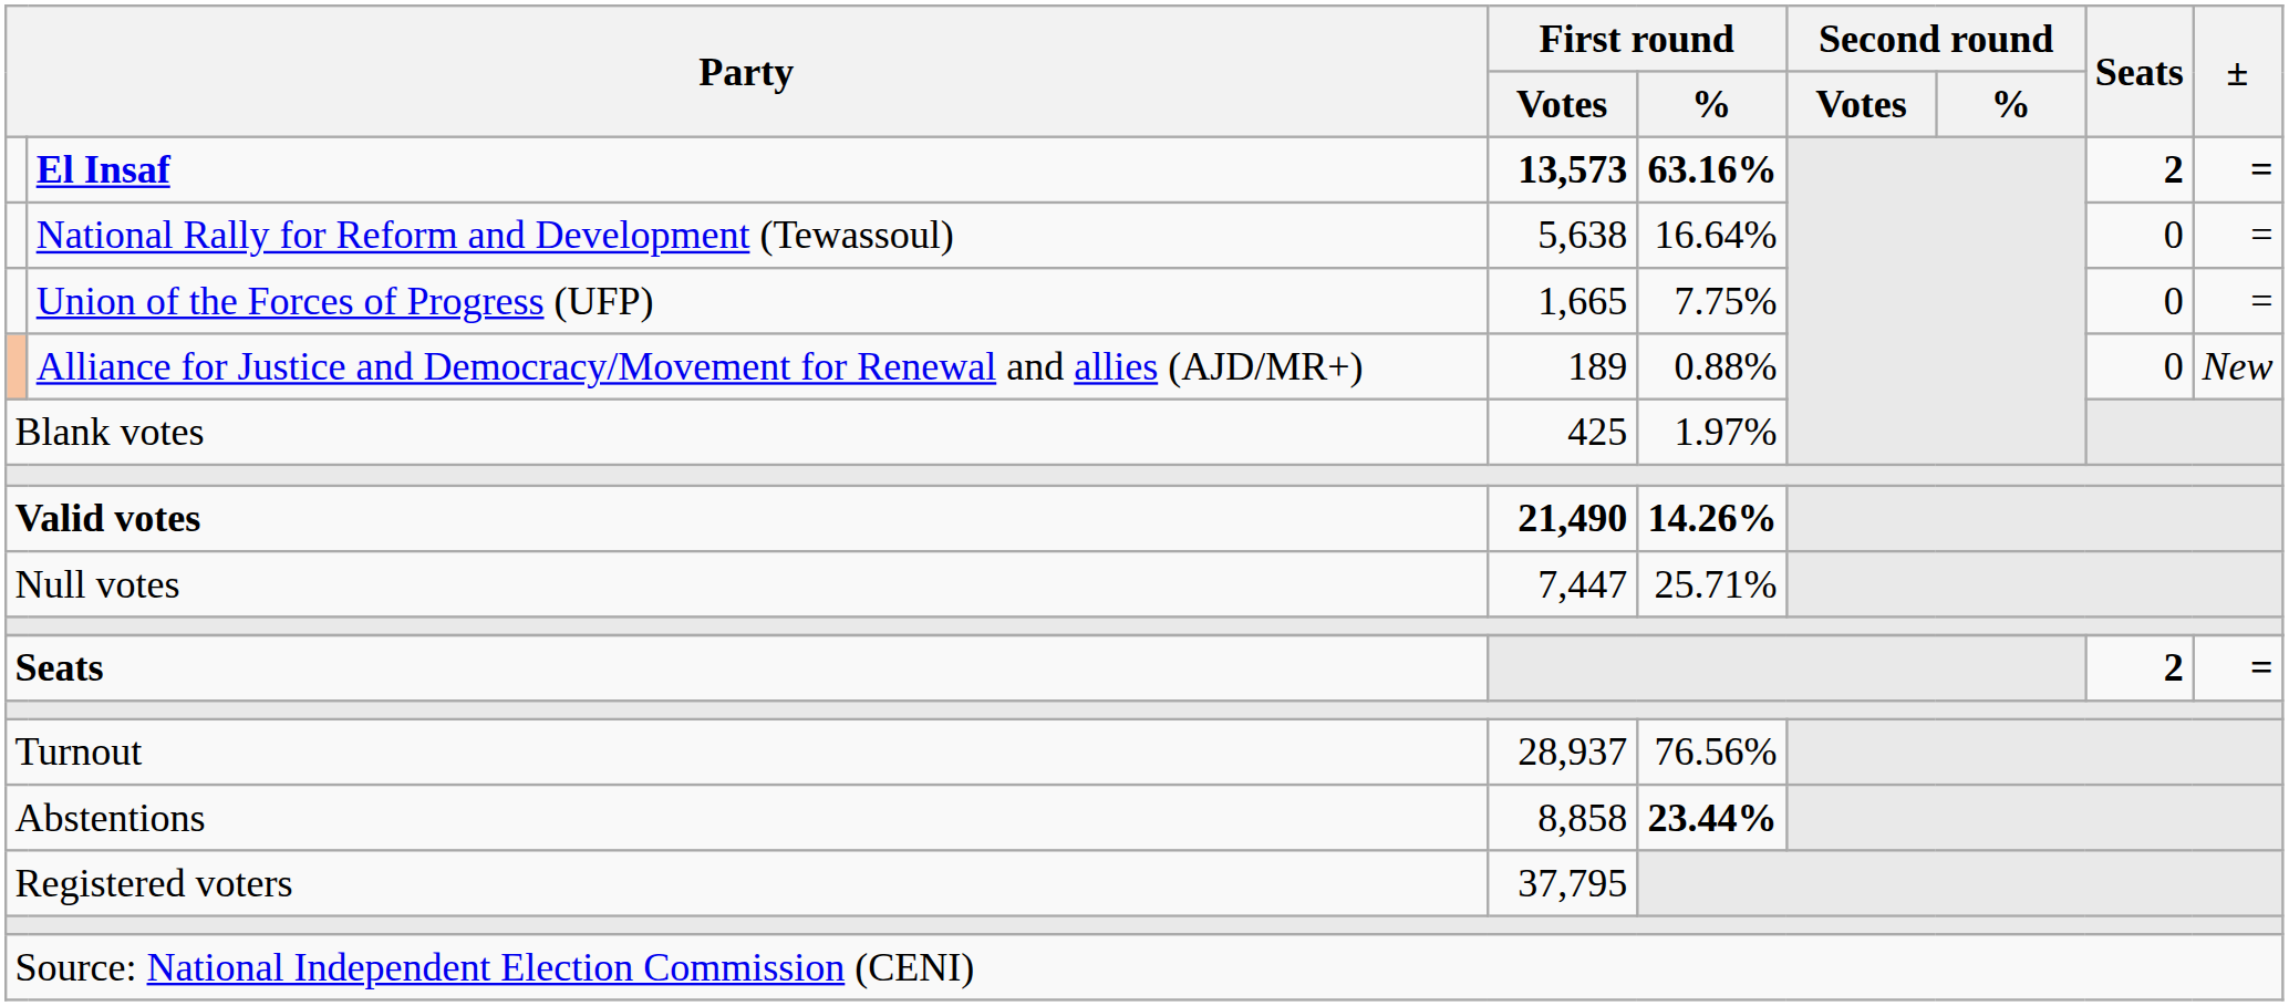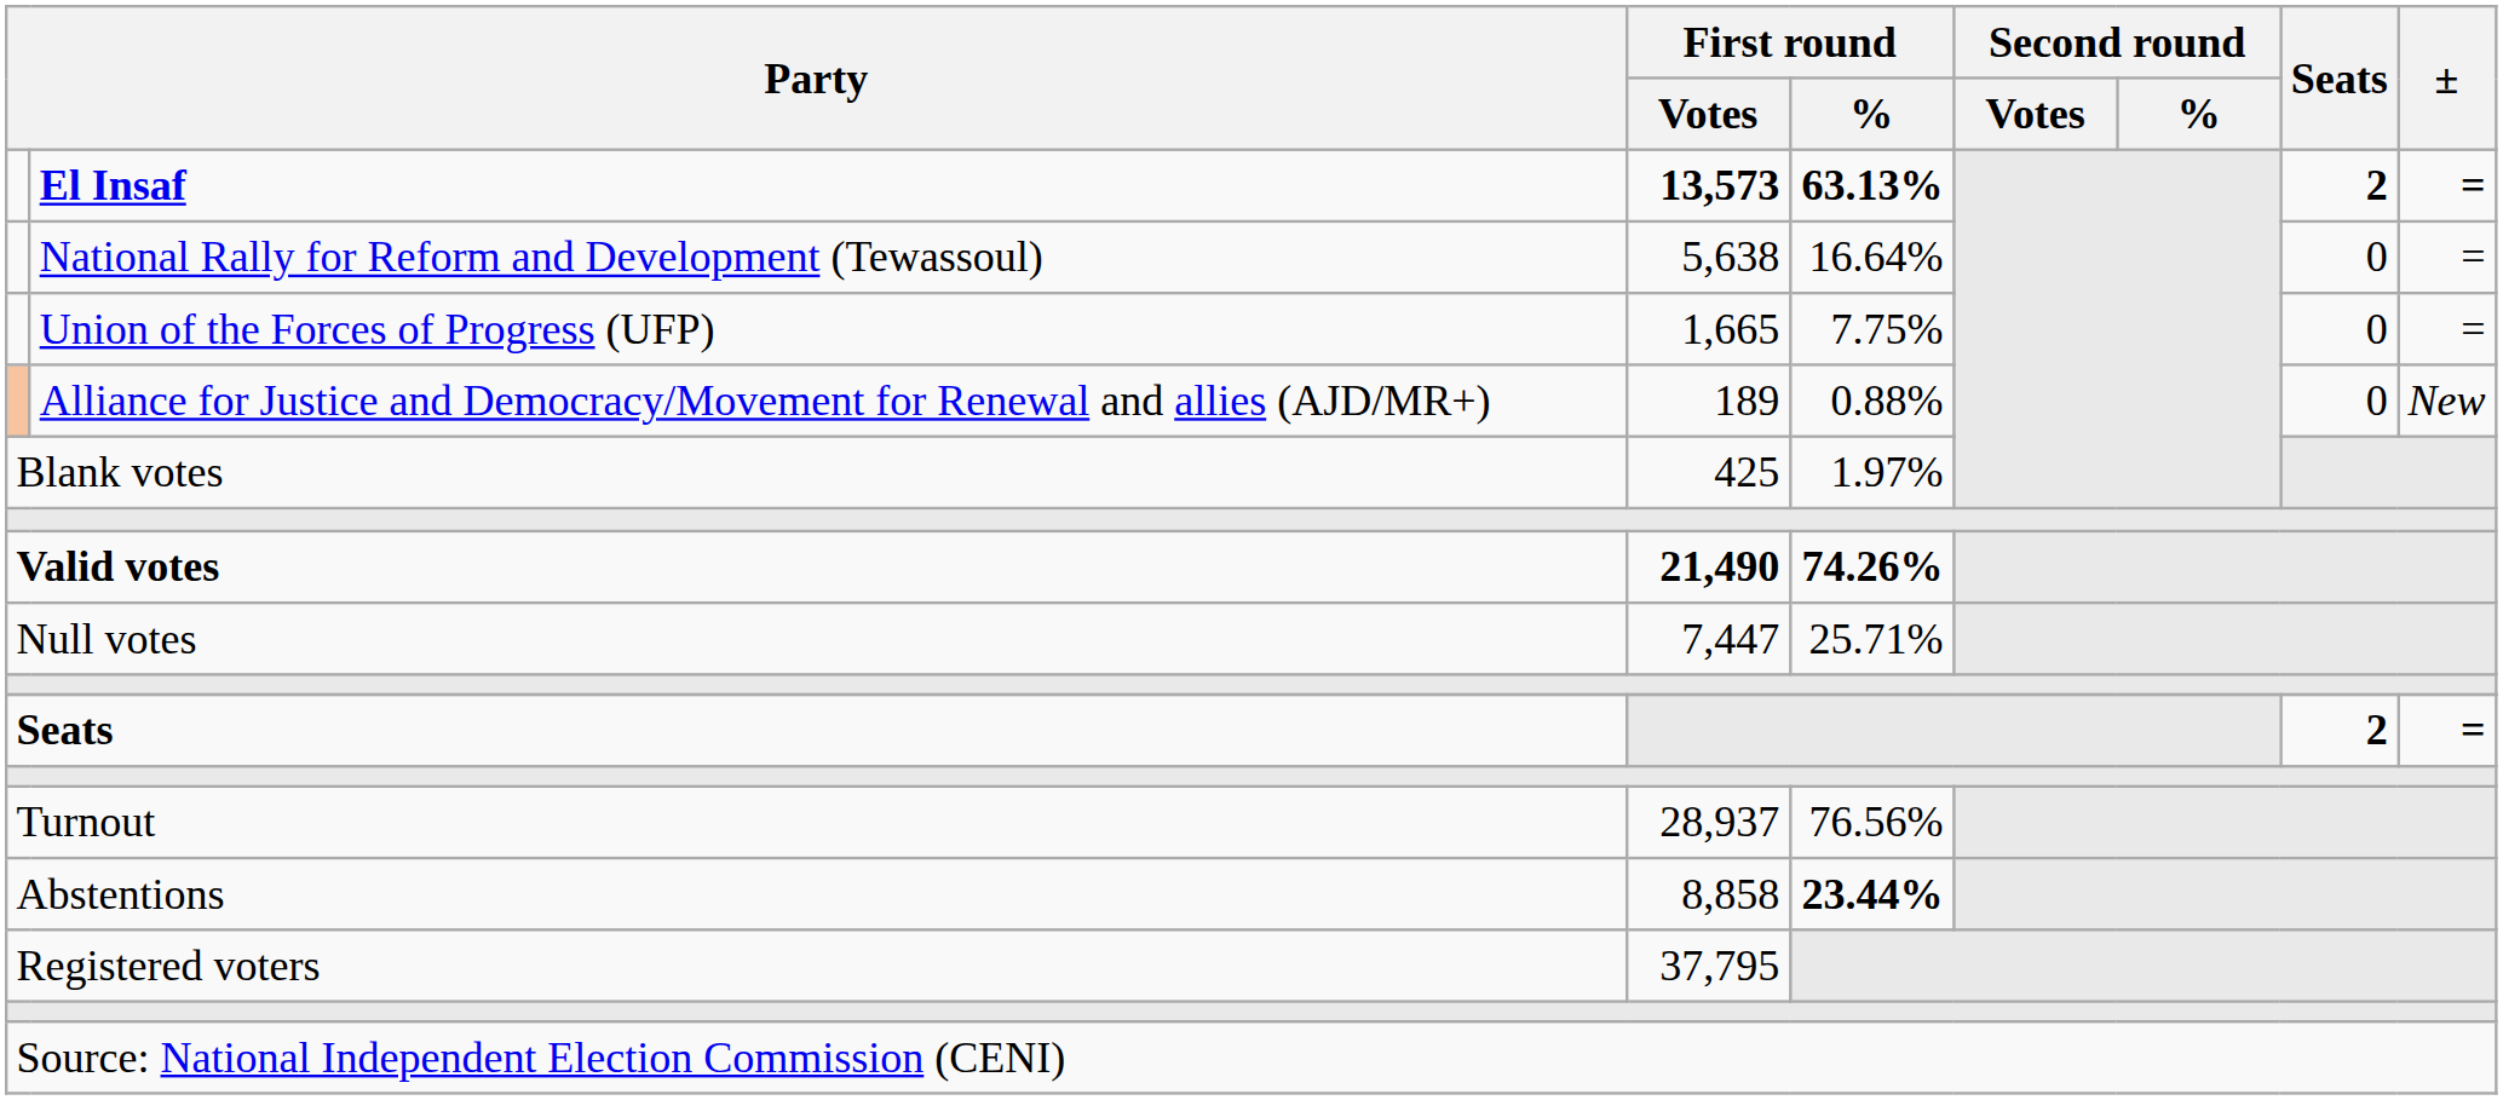 <table class="wikitable" style="text-align:right;font-size:95%;">
 <tr>
 <th rowspan="2" colspan="2" width="700">Party</th>
 <th colspan="2">First round</th>
 <th colspan="2">Second round</th>
 <th rowspan="2" width="25">Seats</th>
 <th rowspan="2" width="20">±</th>
 </tr>
 <tr>
 <th width="50">Votes</th>
 <th width="50">%</th>
 <th width="50">Votes</th>
 <th width="50">%</th>
 </tr>
 <tr>
 <td width="1" style="color:inherit;background:"></td>
 <td style="text-align:left;"><strong><a href='#'>El Insaf</a></strong></td>
 <td><strong>13,573</strong></td>
-<td><strong>63.16%</strong></td>
+<td><strong>63.13%</strong></td>
 <td colspan="2" rowspan="5" style="background:#E9E9E9;"></td>
 <td><strong>2</strong></td>
 <td><strong>=</strong></td>
 </tr>
 <tr>
 <td width="1" style="color:inherit;background:"></td>
 <td style="text-align:left;"><a href='#'>National Rally for Reform and Development</a> (Tewassoul)</td>
 <td>5,638</td>
 <td>16.64%</td>
 <td>0</td>
 <td>=</td>
 </tr>
 <tr>
 <td width="1" style="color:inherit;background:"></td>
 <td style="text-align:left;"><a href='#'>Union of the Forces of Progress</a> (UFP)</td>
 <td>1,665</td>
 <td>7.75%</td>
 <td>0</td>
 <td>=</td>
 </tr>
 <tr>
 <td width="1" style="color:inherit;background:#F8C3A0;"></td>
 <td style="text-align:left;"><a href='#'>Alliance for Justice and Democracy/Movement for Renewal</a> and <a href='#'>allies</a> (AJD/MR+)</td>
 <td>189</td>
 <td>0.88%</td>
 <td>0</td>
 <td><em>New</em></td>
 </tr>
 <tr>
 <td colspan="2" style="text-align:left;">Blank votes</td>
 <td>425</td>
 <td>1.97%</td>
 <td colspan="4" style="background:#E9E9E9;"></td>
 </tr>
 <tr>
 <td colspan="8" style="background:#E9E9E9;"></td>
 </tr>
 <tr style="font-weight:bold;">
 <td colspan="2" style="text-align:left;">Valid votes</td>
 <td>21,490</td>
-<td>14.26%</td>
+<td>74.26%</td>
 <td colspan="4" style="background:#E9E9E9;"></td>
 </tr>
 <tr>
 <td colspan="2" style="text-align:left;">Null votes</td>
 <td>7,447</td>
 <td>25.71%</td>
 <td colspan="4" style="background:#E9E9E9;"></td>
 </tr>
 <tr>
 <td colspan="8" style="background:#E9E9E9;"></td>
 </tr>
 <tr>
 </tr>
 <tr style="font-weight:bold;">
 <td colspan="2" style="text-align:left;">Seats</td>
 <td colspan="4" style="background:#E9E9E9;"></td>
 <td>2</td>
 <td>=</td>
 </tr>
 <tr>
 <td colspan="8" style="background:#E9E9E9;"></td>
 </tr>
 <tr>
 <td colspan="2" style="text-align:left;">Turnout</td>
 <td>28,937</td>
 <td>76.56%</td>
 <td colspan="4" style="background:#E9E9E9;"></td>
 </tr>
 <tr>
 <td colspan="2" style="text-align:left;">Abstentions</td>
 <td>8,858</td>
 <td><strong>23.44%</strong></td>
 <td colspan="4" style="background:#E9E9E9;"></td>
 </tr>
 <tr>
 <td colspan="2" style="text-align:left;">Registered voters</td>
 <td>37,795</td>
 <td colspan="5" style="background:#E9E9E9;"></td>
 </tr>
 <tr>
 <td colspan="8" style="background:#E9E9E9;"></td>
 </tr>
 <tr>
 <td colspan="8" style="text-align:left;">Source: <a href='#'>National Independent Election Commission</a> (CENI)</td>
 </tr>
 </table>
